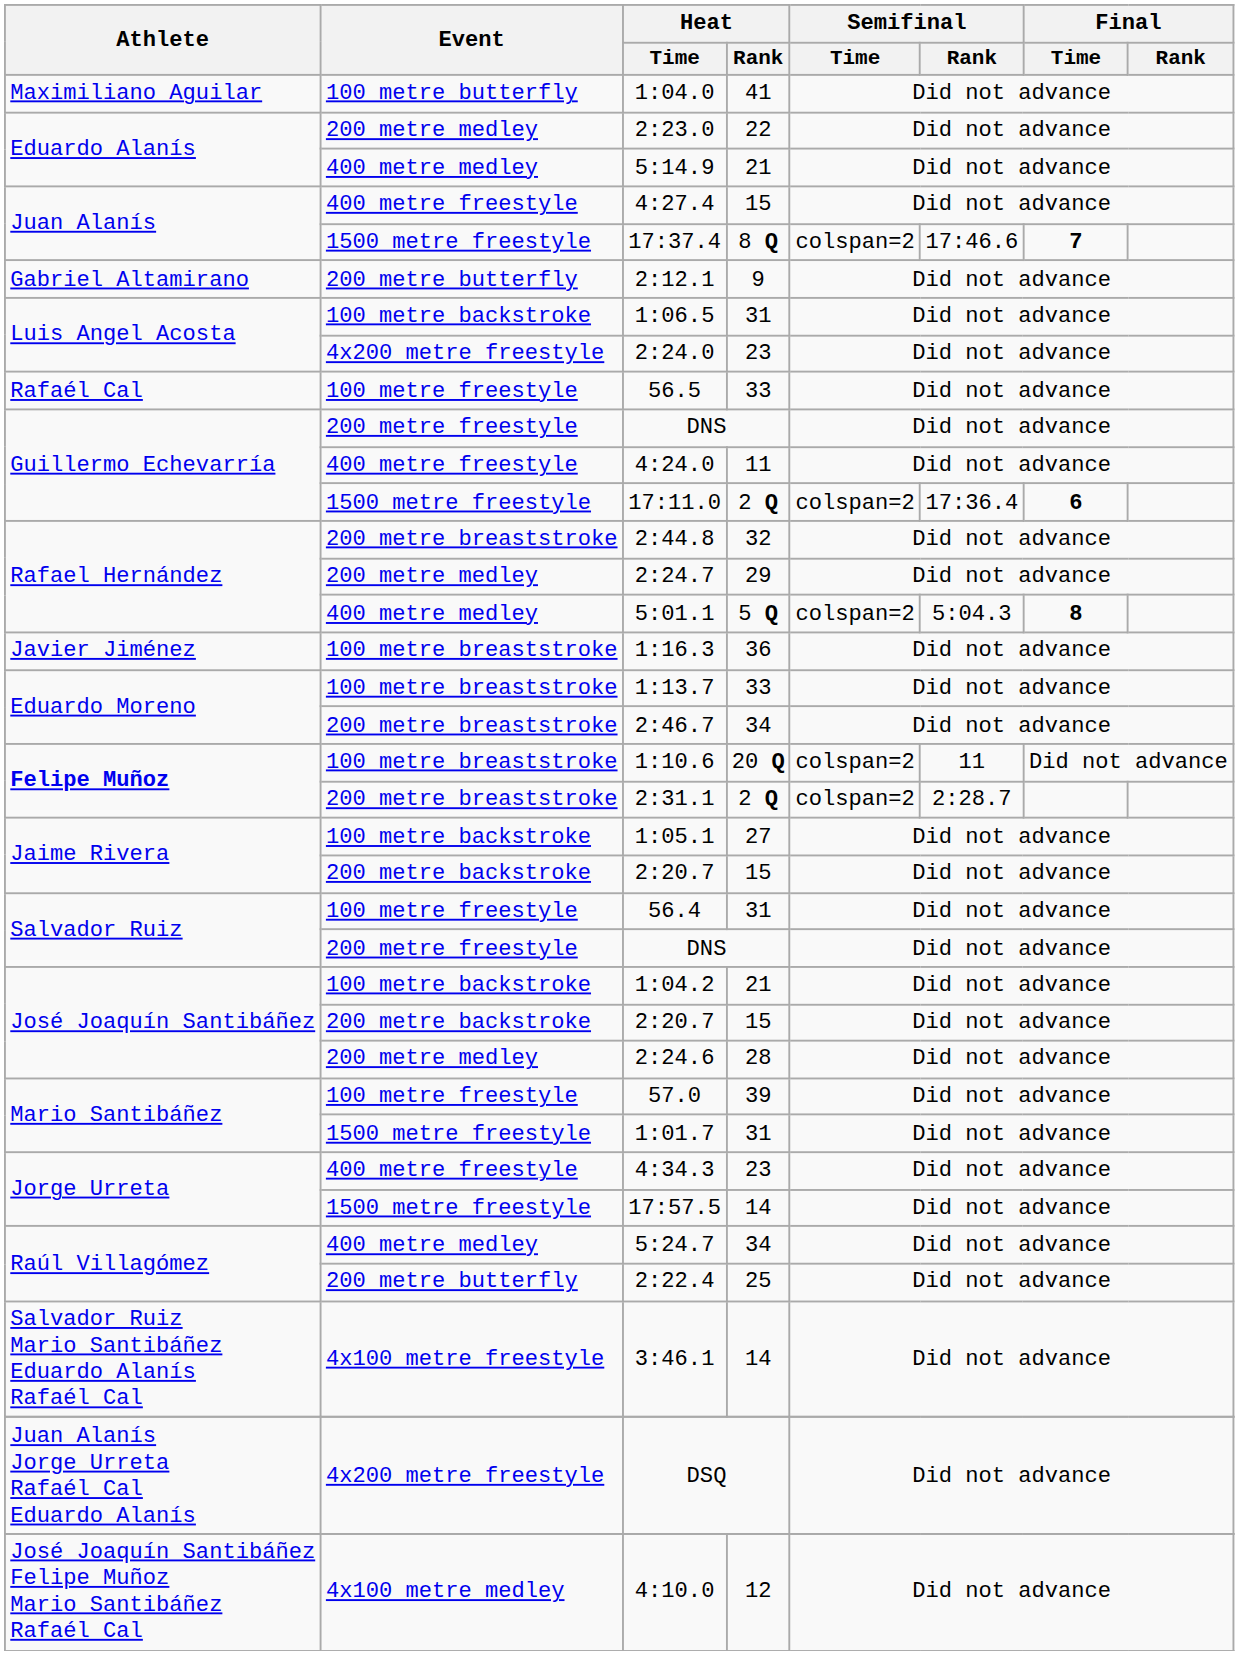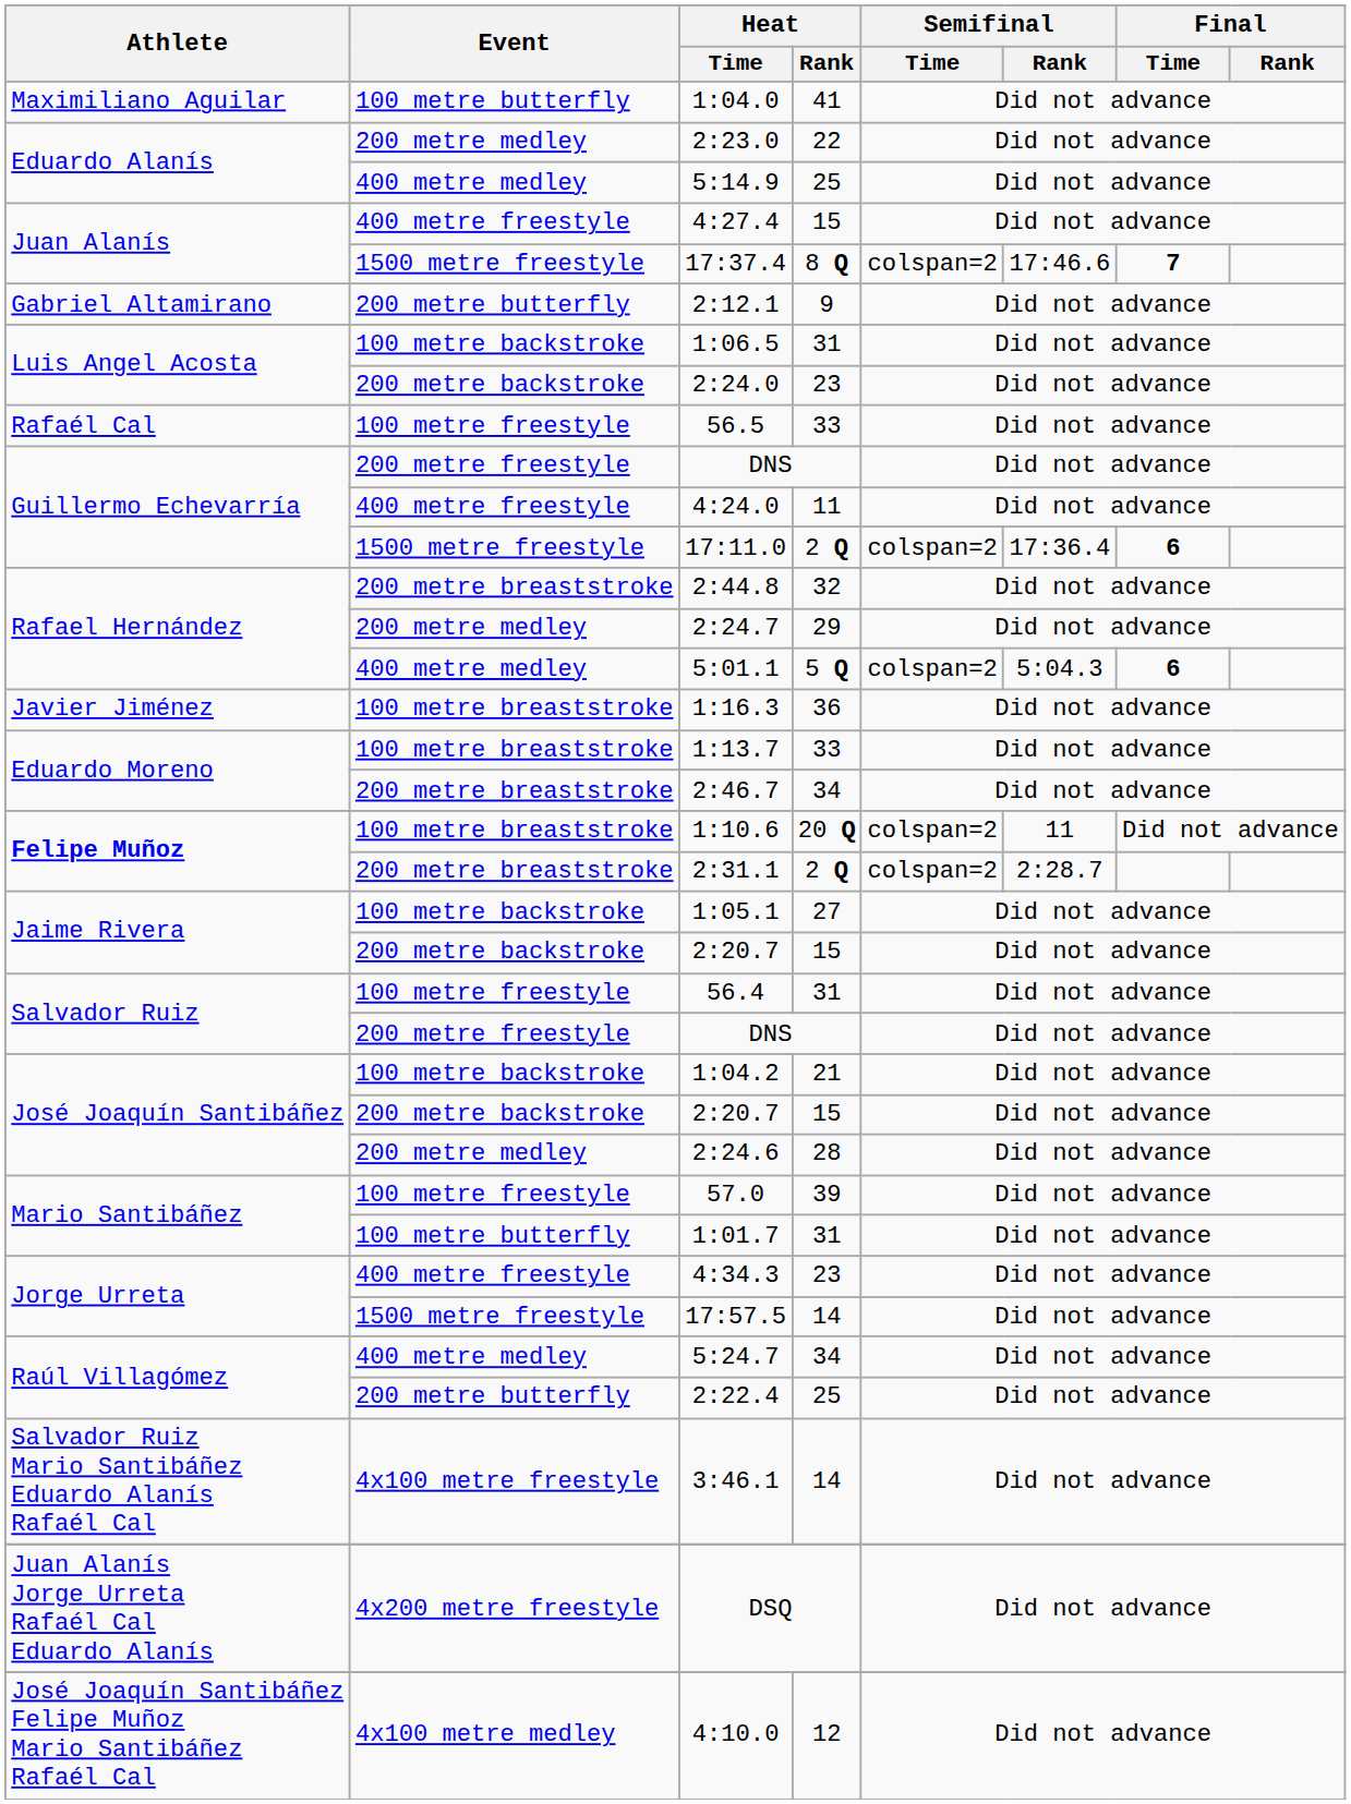 <table class=wikitable style="font-size:90%">
 <tr>
 <th rowspan="2">Athlete</th>
 <th rowspan="2">Event</th>
 <th colspan="2">Heat</th>
 <th colspan="2">Semifinal</th>
 <th colspan="2">Final</th>
 </tr>
 <tr style="font-size:95%">
 <th>Time</th>
 <th>Rank</th>
 <th>Time</th>
 <th>Rank</th>
 <th>Time</th>
 <th>Rank</th>
 </tr>
 <tr align=center>
 <td align=left rowspan=1><a href='#'>Maximiliano Aguilar</a></td>
 <td align=left><a href='#'>100 metre butterfly</a></td>
 <td>1:04.0</td>
 <td align=center>41</td>
 <td colspan=4 align=center>Did not advance</td>
 </tr>
 <tr align=center>
 <td align=left rowspan=2><a href='#'>Eduardo Alanís</a></td>
 <td align=left><a href='#'>200 metre medley</a></td>
 <td>2:23.0</td>
 <td align=center>22</td>
 <td colspan=4 align=center>Did not advance</td>
 </tr>
 <tr align=center>
 <td align=left><a href='#'>400 metre medley</a></td>
 <td>5:14.9</td>
-<td align=center>21</td>
+<td align=center>25</td>
 <td colspan=4 align=center>Did not advance</td>
 </tr>
 <tr align=center>
 <td align=left rowspan=2><a href='#'>Juan Alanís</a></td>
 <td align=left><a href='#'>400 metre freestyle</a></td>
 <td>4:27.4</td>
 <td align=center>15</td>
 <td colspan=4 align=center>Did not advance</td>
 </tr>
 <tr>
 <td align=left><a href='#'>1500 metre freestyle</a></td>
 <td>17:37.4</td>
 <td align=center>8 <strong>Q</strong></td>
 <td>colspan=2 </td>
 <td>17:46.6</td>
 <td align=center><strong>7</strong></td>
 </tr>
 <tr align=center>
 <td align=left rowspan=1><a href='#'>Gabriel Altamirano</a></td>
 <td align=left><a href='#'>200 metre butterfly</a></td>
 <td>2:12.1</td>
 <td align=center>9</td>
 <td colspan=4 align=center>Did not advance</td>
 </tr>
 <tr align=center>
 <td align=left rowspan=2><a href='#'>Luis Angel Acosta</a></td>
 <td align=left><a href='#'>100 metre backstroke</a></td>
 <td>1:06.5</td>
 <td align=center>31</td>
 <td colspan=4 align=center>Did not advance</td>
 </tr>
 <tr align=center>
-<td align=left><a href='#'>4x200 metre freestyle</a></td>
+<td align=left><a href='#'>200 metre backstroke</a></td>
 <td>2:24.0</td>
 <td align=center>23</td>
 <td colspan=4 align=center>Did not advance</td>
 </tr>
 <tr align=center>
 <td align=left rowspan=1><a href='#'>Rafaél Cal</a></td>
 <td align=left><a href='#'>100 metre freestyle</a></td>
 <td>56.5</td>
 <td align=center>33</td>
 <td colspan=4 align=center>Did not advance</td>
 </tr>
 <tr align=center>
 <td align=left rowspan=3><a href='#'>Guillermo Echevarría</a></td>
 <td align=left><a href='#'>200 metre freestyle</a></td>
 <td colspan=2 align=center>DNS</td>
 <td colspan=4 align=center>Did not advance</td>
 </tr>
 <tr align=center>
 <td align=left><a href='#'>400 metre freestyle</a></td>
 <td>4:24.0</td>
 <td align=center>11</td>
 <td colspan=4 align=center>Did not advance</td>
 </tr>
 <tr align=center>
 <td align=left><a href='#'>1500 metre freestyle</a></td>
 <td>17:11.0</td>
 <td align=center>2 <strong>Q</strong></td>
 <td>colspan=2 </td>
 <td>17:36.4</td>
 <td align=center><strong>6</strong></td>
 </tr>
 <tr align=center>
 <td align=left rowspan=3><a href='#'>Rafael Hernández</a></td>
 <td align=left><a href='#'>200 metre breaststroke</a></td>
 <td>2:44.8</td>
 <td align=center>32</td>
 <td colspan=4 align=center>Did not advance</td>
 </tr>
 <tr align=center>
 <td align=left><a href='#'>200 metre medley</a></td>
 <td>2:24.7</td>
 <td align=center>29</td>
 <td colspan=4 align=center>Did not advance</td>
 </tr>
 <tr align=center>
 <td align=left><a href='#'>400 metre medley</a></td>
 <td>5:01.1</td>
 <td align=center>5 <strong>Q</strong></td>
 <td>colspan=2 </td>
 <td>5:04.3</td>
-<td align=center><strong>8</strong></td>
+<td align=center><strong>6</strong></td>
 </tr>
 <tr align=center>
 <td align=left rowspan=1><a href='#'>Javier Jiménez</a></td>
 <td align=left><a href='#'>100 metre breaststroke</a></td>
 <td>1:16.3</td>
 <td align=center>36</td>
 <td colspan=4 align=center>Did not advance</td>
 </tr>
 <tr align=center>
 <td align=left rowspan=2><a href='#'>Eduardo Moreno</a></td>
 <td align=left><a href='#'>100 metre breaststroke</a></td>
 <td>1:13.7</td>
 <td align=center>33</td>
 <td colspan=4 align=center>Did not advance</td>
 </tr>
 <tr align=center>
 <td align=left><a href='#'>200 metre breaststroke</a></td>
 <td>2:46.7</td>
 <td align=center>34</td>
 <td colspan=4 align=center>Did not advance</td>
 </tr>
 <tr align=center>
 <td align=left rowspan=2><strong><a href='#'>Felipe Muñoz</a></strong></td>
 <td align=left><a href='#'>100 metre breaststroke</a></td>
 <td>1:10.6</td>
 <td align=center>20 <strong>Q</strong></td>
 <td>colspan=2 </td>
 <td align=center>11</td>
 <td colspan=4 align=center>Did not advance</td>
 </tr>
 <tr align=center>
 <td align=left><a href='#'>200 metre breaststroke</a></td>
 <td>2:31.1</td>
 <td align=center>2 <strong>Q</strong></td>
 <td>colspan=2 </td>
 <td>2:28.7</td>
 <td align=center></td>
 </tr>
 <tr align=center>
 <td align=left rowspan=2><a href='#'>Jaime Rivera</a></td>
 <td align=left><a href='#'>100 metre backstroke</a></td>
 <td>1:05.1</td>
 <td align=center>27</td>
 <td colspan=4 align=center>Did not advance</td>
 </tr>
 <tr align=center>
 <td align=left><a href='#'>200 metre backstroke</a></td>
 <td>2:20.7</td>
 <td align=center>15</td>
 <td colspan=4 align=center>Did not advance</td>
 </tr>
 <tr align=center>
 <td align=left rowspan=2><a href='#'>Salvador Ruiz</a></td>
 <td align=left><a href='#'>100 metre freestyle</a></td>
 <td>56.4</td>
 <td align=center>31</td>
 <td colspan=4 align=center>Did not advance</td>
 </tr>
 <tr align=center>
 <td align=left><a href='#'>200 metre freestyle</a></td>
 <td colspan=2 align=center>DNS</td>
 <td colspan=4 align=center>Did not advance</td>
 </tr>
 <tr align=center>
 <td align=left rowspan=3><a href='#'>José Joaquín Santibáñez</a></td>
 <td align=left><a href='#'>100 metre backstroke</a></td>
 <td>1:04.2</td>
 <td align=center>21</td>
 <td colspan=4 align=center>Did not advance</td>
 </tr>
 <tr align=center>
 <td align=left><a href='#'>200 metre backstroke</a></td>
 <td>2:20.7</td>
 <td align=center>15</td>
 <td colspan=4 align=center>Did not advance</td>
 </tr>
 <tr align=center>
 <td align=left><a href='#'>200 metre medley</a></td>
 <td>2:24.6</td>
 <td align=center>28</td>
 <td colspan=4 align=center>Did not advance</td>
 </tr>
 <tr align=center>
 <td align=left rowspan=2><a href='#'>Mario Santibáñez</a></td>
 <td align=left><a href='#'>100 metre freestyle</a></td>
 <td>57.0</td>
 <td align=center>39</td>
 <td colspan=4 align=center>Did not advance</td>
 </tr>
 <tr align=center>
-<td align=left><a href='#'>1500 metre freestyle</a></td>
+<td align=left><a href='#'>100 metre butterfly</a></td>
 <td>1:01.7</td>
 <td align=center>31</td>
 <td colspan=4 align=center>Did not advance</td>
 </tr>
 <tr align=center>
 <td align=left rowspan=2><a href='#'>Jorge Urreta</a></td>
 <td align=left><a href='#'>400 metre freestyle</a></td>
 <td>4:34.3</td>
 <td align=center>23</td>
 <td colspan=4 align=center>Did not advance</td>
 </tr>
 <tr align=center>
 <td align=left><a href='#'>1500 metre freestyle</a></td>
 <td>17:57.5</td>
 <td align=center>14</td>
 <td colspan=4 align=center>Did not advance</td>
 </tr>
 <tr align=center>
 <td align=left rowspan=2><a href='#'>Raúl Villagómez</a></td>
 <td align=left><a href='#'>400 metre medley</a></td>
 <td>5:24.7</td>
 <td align=center>34</td>
 <td colspan=4 align=center>Did not advance</td>
 </tr>
 <tr align=center>
 <td align=left><a href='#'>200 metre butterfly</a></td>
 <td>2:22.4</td>
 <td align=center>25</td>
 <td colspan=4 align=center>Did not advance</td>
 </tr>
 <tr align=center>
 <td align=left rowspan=1><a href='#'>Salvador Ruiz</a><br><a href='#'>Mario Santibáñez</a><br><a href='#'>Eduardo Alanís</a><br><a href='#'>Rafaél Cal</a></td>
 <td align=left><a href='#'>4x100 metre freestyle</a></td>
 <td>3:46.1</td>
 <td>14</td>
 <td colspan=4 align=center>Did not advance</td>
 </tr>
 <tr>
 </tr>
 <tr align=center>
 <td align=left rowspan=1><a href='#'>Juan Alanís</a><br><a href='#'>Jorge Urreta</a><br><a href='#'>Rafaél Cal</a><br><a href='#'>Eduardo Alanís</a></td>
 <td align=left><a href='#'>4x200 metre freestyle</a></td>
 <td colspan=2 align=center>DSQ</td>
 <td colspan=4 align=center>Did not advance</td>
 </tr>
 <tr>
 </tr>
 <tr align=center>
 <td align=left rowspan=1><a href='#'>José Joaquín Santibáñez</a><br><a href='#'>Felipe Muñoz</a><br><a href='#'>Mario Santibáñez</a><br><a href='#'>Rafaél Cal</a></td>
 <td align=left><a href='#'>4x100 metre medley</a></td>
 <td>4:10.0</td>
 <td>12</td>
 <td colspan=4 align=center>Did not advance</td>
 </tr>
 <tr>
 </tr>
 </table>
